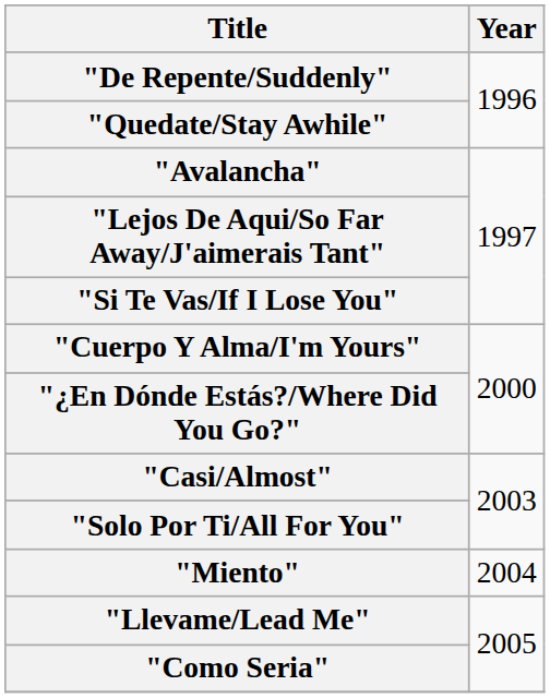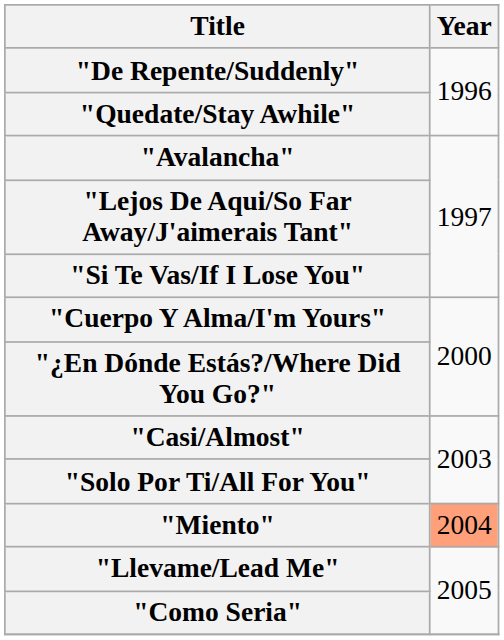 <table class="wikitable plainrowheaders" style="text-align:center;">
 <tr>
 <th scope="col" style="width: 15em;">Title</th>
 <th scope="col" style="width: 1em;">Year</th>
 </tr>
 <tr>
 <th scope="row">"De Repente/Suddenly"</th>
 <td rowspan="2">1996</td>
 </tr>
 <tr>
 <th scope="row">"Quedate/Stay Awhile"</th>
 </tr>
 <tr>
 <th scope="row">"Avalancha"</th>
 <td rowspan="3">1997</td>
 </tr>
 <tr>
 <th scope="row">"Lejos De Aqui/So Far Away/J'aimerais Tant"</th>
 </tr>
 <tr>
 <th scope="row">"Si Te Vas/If I Lose You"</th>
 </tr>
 <tr>
 <th scope="row">"Cuerpo Y Alma/I'm Yours"</th>
 <td rowspan="2">2000</td>
 </tr>
 <tr>
 <th scope="row">"¿En Dónde Estás?/Where Did You Go?"</th>
 </tr>
 <tr>
 <th scope="row">"Casi/Almost"</th>
 <td rowspan="2">2003</td>
 </tr>
 <tr>
 <th scope="row">"Solo Por Ti/All For You"</th>
 </tr>
 <tr>
 <th scope="row">"Miento"</th>
-<td>2004</td>
+<td style="background: lightsalmon;">2004</td>
 </tr>
 <tr>
 <th scope="row">"Llevame/Lead Me"</th>
 <td rowspan="2">2005</td>
 </tr>
 <tr>
 <th scope="row">"Como Seria"</th>
 </tr>
 <tr>
 </tr>
 </table>
